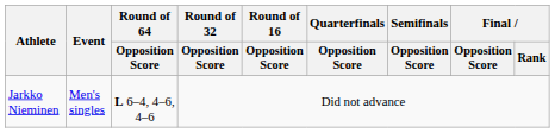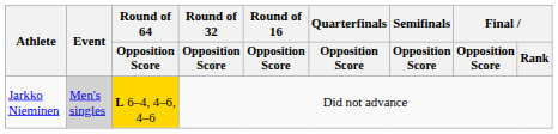 <table class=wikitable style="font-size:90%">
 <tr>
 <th rowspan="2">Athlete</th>
 <th rowspan="2">Event</th>
 <th>Round of 64</th>
 <th>Round of 32</th>
 <th>Round of 16</th>
 <th>Quarterfinals</th>
 <th>Semifinals</th>
 <th colspan=2>Final / </th>
 </tr>
 <tr style="font-size:95%">
 <th>Opposition<br>Score</th>
 <th>Opposition<br>Score</th>
 <th>Opposition<br>Score</th>
 <th>Opposition<br>Score</th>
 <th>Opposition<br>Score</th>
 <th>Opposition<br>Score</th>
 <th>Rank</th>
 </tr>
 <tr align=center>
 <td align=left><a href='#'>Jarkko Nieminen</a></td>
-<td align=left><a href='#'>Men's singles</a></td>
-<td><br><strong>L</strong> 6–4, 4–6, 4–6</td>
+<td align=left style="background: lightgrey;"><a href='#'>Men's singles</a></td>
+<td style="background: gold;"><br><strong>L</strong> 6–4, 4–6, 4–6</td>
 <td colspan=6>Did not advance</td>
 </tr>
 </table>
